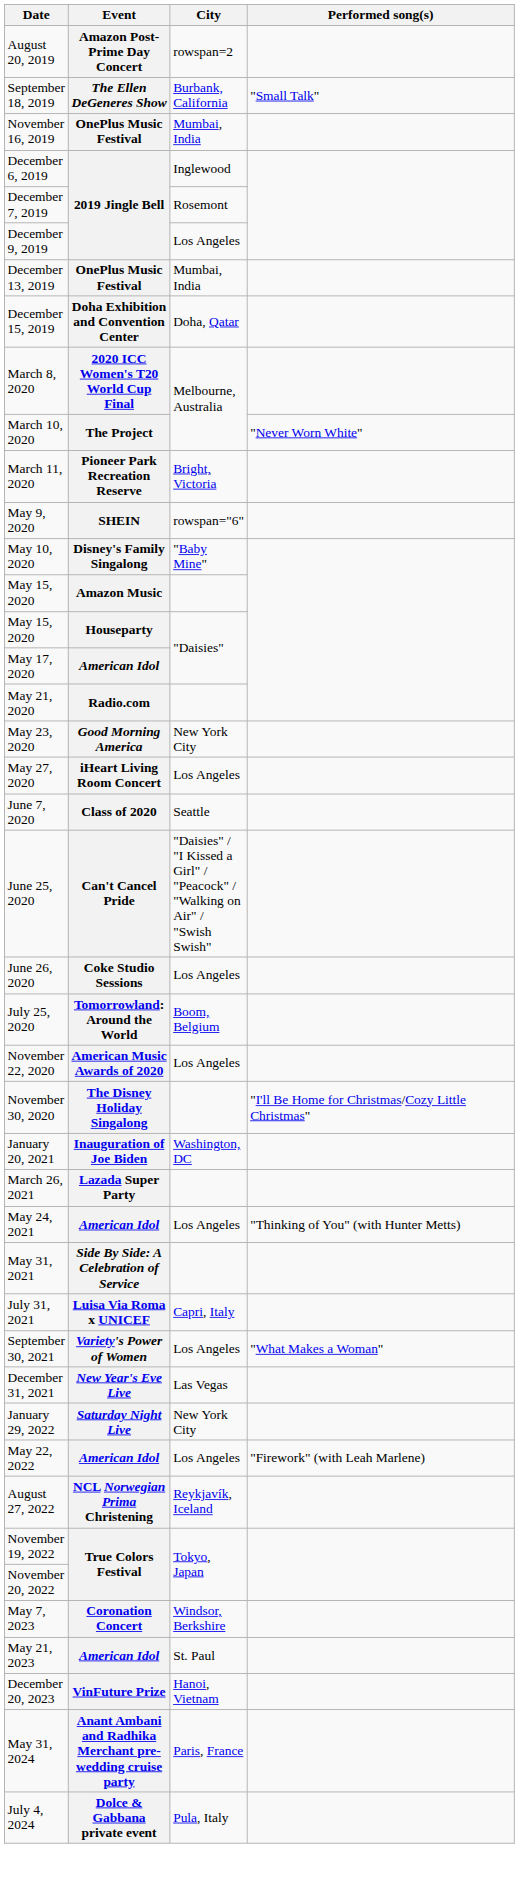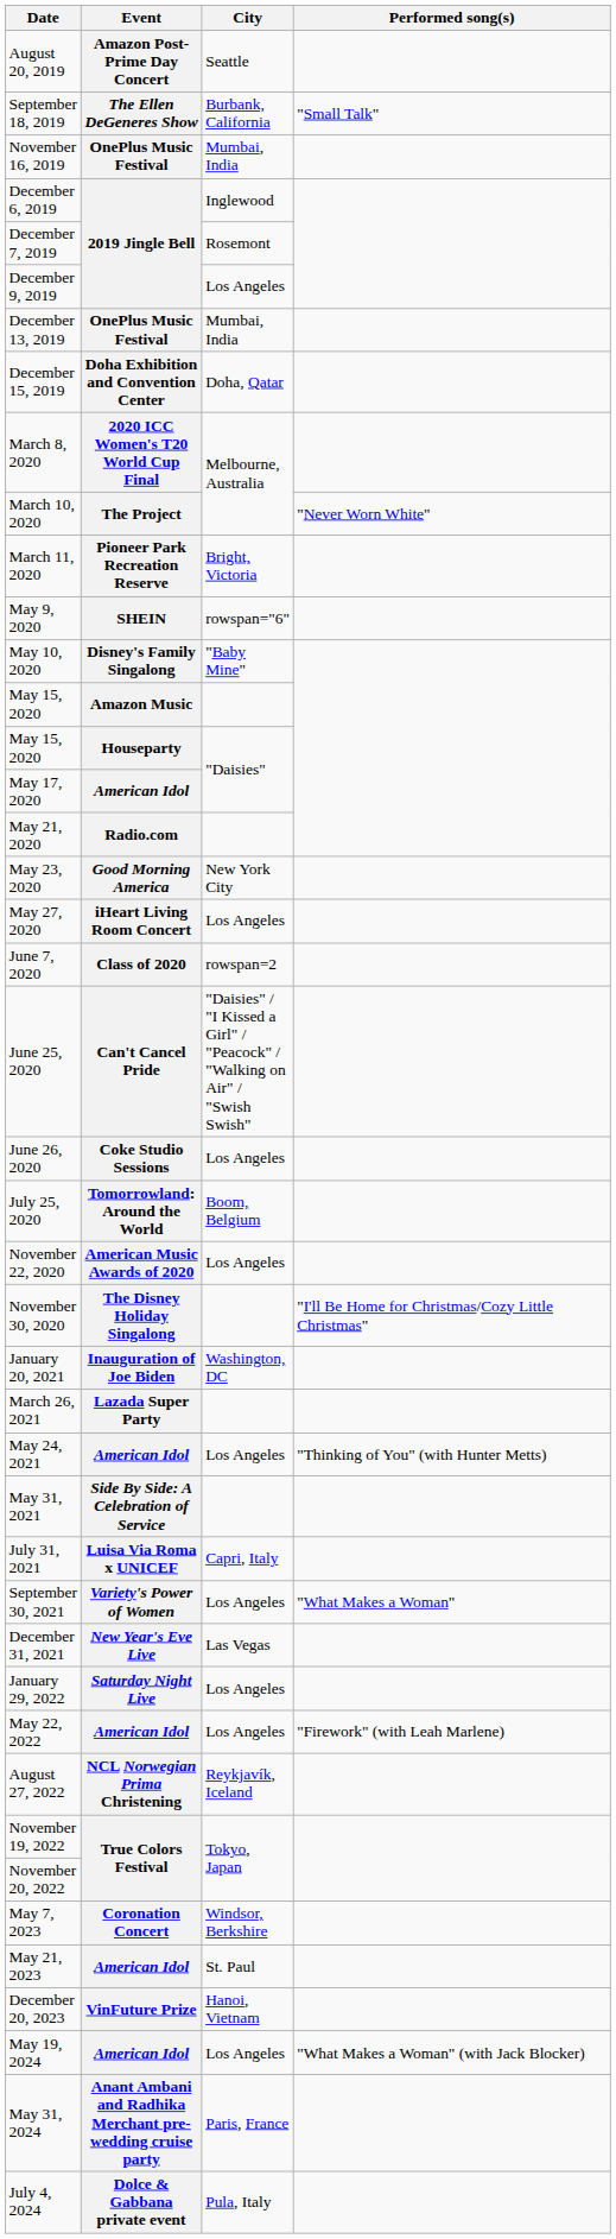 <table class="wikitable sortable plainrowheaders">
 <tr>
 <th style="width:12%;">Date</th>
 <th style="width:20%;">Event</th>
 <th style="width:12%;">City</th>
 <th>Performed song(s)</th>
 </tr>
 <tr>
 <td>August 20, 2019</td>
 <th scope="row">Amazon Post-Prime Day Concert</th>
-<td>rowspan=2 </td>
+<td>Seattle</td>
 <td></td>
 </tr>
 <tr>
 <td>September 18, 2019</td>
 <th scope="row"><em>The Ellen DeGeneres Show</em></th>
 <td><a href='#'>Burbank, California</a></td>
 <td>"<a href='#'>Small Talk</a>"</td>
 </tr>
 <tr>
 <td>November 16, 2019</td>
 <th scope="row">OnePlus Music Festival</th>
 <td><a href='#'>Mumbai</a>, <a href='#'>India</a></td>
 <td></td>
 </tr>
 <tr>
 <td>December 6, 2019</td>
 <th rowspan="3" scope="row">2019 Jingle Bell</th>
 <td>Inglewood</td>
 <td rowspan="3"></td>
 </tr>
 <tr>
 <td>December 7, 2019</td>
 <td>Rosemont</td>
 </tr>
 <tr>
 <td>December 9, 2019</td>
 <td>Los Angeles</td>
 </tr>
 <tr>
 <td>December 13, 2019</td>
 <th scope="row">OnePlus Music Festival</th>
 <td>Mumbai, India</td>
 <td></td>
 </tr>
 <tr>
 <td>December 15, 2019</td>
 <th scope="row">Doha Exhibition and Convention Center</th>
 <td>Doha, <a href='#'>Qatar</a></td>
 <td></td>
 </tr>
 <tr>
 <td>March 8, 2020</td>
 <th scope="row"><a href='#'>2020 ICC Women's T20 World Cup Final</a></th>
 <td rowspan="2">Melbourne, Australia</td>
 <td></td>
 </tr>
 <tr>
 <td>March 10, 2020</td>
 <th scope="row">The Project</th>
 <td>"<a href='#'>Never Worn White</a>"</td>
 </tr>
 <tr>
 <td>March 11, 2020</td>
 <th scope="row">Pioneer Park Recreation Reserve</th>
 <td><a href='#'>Bright, Victoria</a></td>
 <td></td>
 </tr>
 <tr>
 <td>May 9, 2020</td>
 <th scope="row">SHEIN</th>
 <td>rowspan="6" </td>
 <td></td>
 </tr>
 <tr>
 <td>May 10, 2020</td>
 <th scope="row">Disney's Family Singalong</th>
 <td>"<a href='#'>Baby Mine</a>"</td>
 </tr>
 <tr>
 <td>May 15, 2020</td>
 <th scope="row">Amazon Music</th>
 <td></td>
 </tr>
 <tr>
 <td>May 15, 2020</td>
 <th scope="row">Houseparty</th>
 <td rowspan="2">"Daisies"</td>
 </tr>
 <tr>
 <td>May 17, 2020</td>
 <th scope="row"><em>American Idol</em></th>
 </tr>
 <tr>
 <td>May 21, 2020</td>
 <th scope="row">Radio.com</th>
 <td></td>
 </tr>
 <tr>
 <td>May 23, 2020</td>
 <th scope="row"><em>Good Morning America</em></th>
 <td>New York City</td>
 <td></td>
 </tr>
 <tr>
 <td>May 27, 2020</td>
 <th scope="row">iHeart Living Room Concert</th>
 <td>Los Angeles</td>
 <td></td>
 </tr>
 <tr>
 <td>June 7, 2020</td>
 <th scope="row">Class of 2020</th>
-<td>Seattle</td>
+<td>rowspan=2 </td>
 <td></td>
 </tr>
 <tr>
 <td>June 25, 2020</td>
 <th scope="row">Can't Cancel Pride</th>
 <td>"Daisies" / "I Kissed a Girl" / "Peacock" / "Walking on Air" / "Swish Swish"</td>
 </tr>
 <tr>
 <td>June 26, 2020</td>
 <th scope="row">Coke Studio Sessions</th>
 <td>Los Angeles</td>
 <td></td>
 </tr>
 <tr>
 <td>July 25, 2020</td>
 <th scope="row"><a href='#'>Tomorrowland</a>: Around the World</th>
 <td><a href='#'>Boom, Belgium</a></td>
 <td></td>
 </tr>
 <tr>
 <td>November 22, 2020</td>
 <th scope="row"><a href='#'>American Music Awards of 2020</a></th>
 <td>Los Angeles</td>
 <td></td>
 </tr>
 <tr>
 <td>November 30, 2020</td>
 <th scope="row"><a href='#'>The Disney Holiday Singalong</a></th>
 <td></td>
 <td>"<a href='#'>I'll Be Home for Christmas</a>/<a href='#'>Cozy Little Christmas</a>"</td>
 </tr>
 <tr>
 <td>January 20, 2021</td>
 <th scope="row"><a href='#'>Inauguration of Joe Biden</a></th>
 <td><a href='#'>Washington, DC</a></td>
 <td></td>
 </tr>
 <tr>
 <td>March 26, 2021</td>
 <th scope="row"><a href='#'>Lazada</a> Super Party</th>
 <td></td>
 <td></td>
 </tr>
 <tr>
 <td>May 24, 2021</td>
 <th scope="row"><em><a href='#'>American Idol</a></em></th>
 <td>Los Angeles</td>
 <td>"Thinking of You" (with Hunter Metts)</td>
 </tr>
 <tr>
 <td>May 31, 2021</td>
 <th scope="row"><em>Side By Side: A Celebration of Service</em></th>
 <td></td>
 <td></td>
 </tr>
 <tr>
 <td>July 31, 2021</td>
 <th scope="row"><a href='#'>Luisa Via Roma</a> x <a href='#'>UNICEF</a></th>
 <td><a href='#'>Capri</a>, <a href='#'>Italy</a></td>
 <td></td>
 </tr>
 <tr>
 <td>September 30, 2021</td>
 <th scope="row"><em><a href='#'>Variety</a>'s Power of Women</em></th>
 <td>Los Angeles</td>
 <td>"<a href='#'>What Makes a Woman</a>"</td>
 </tr>
 <tr>
 <td>December 31, 2021</td>
 <th scope="row"><em><a href='#'>New Year's Eve Live</a></em></th>
 <td>Las Vegas</td>
 <td></td>
 </tr>
 <tr>
 <td>January 29, 2022</td>
 <th scope="row"><em><a href='#'>Saturday Night Live</a></em></th>
-<td>New York City</td>
+<td>Los Angeles</td>
 <td></td>
 </tr>
 <tr>
 <td>May 22, 2022</td>
 <th scope="row"><em><a href='#'>American Idol</a></em></th>
 <td>Los Angeles</td>
 <td>"Firework" (with Leah Marlene)</td>
 </tr>
 <tr>
 <td>August 27, 2022</td>
 <th scope="row"><a href='#'>NCL</a> <em><a href='#'>Norwegian Prima</a></em> Christening</th>
 <td><a href='#'>Reykjavík</a>, <a href='#'>Iceland</a></td>
 <td></td>
 </tr>
 <tr>
 <td>November 19, 2022</td>
 <th scope="row" rowspan=2>True Colors Festival</th>
 <td rowspan=2><a href='#'>Tokyo</a>, <a href='#'>Japan</a></td>
 <td rowspan=2></td>
 </tr>
 <tr>
 <td>November 20, 2022</td>
 </tr>
 <tr>
 <td>May 7, 2023</td>
 <th scope="row"><a href='#'>Coronation Concert</a></th>
 <td><a href='#'>Windsor, Berkshire</a></td>
 <td></td>
 </tr>
 <tr>
 <td>May 21, 2023</td>
 <th scope="row"><em><a href='#'>American Idol</a></em></th>
 <td>St. Paul</td>
 <td></td>
 </tr>
 <tr>
 <td>December 20, 2023</td>
 <th scope="row"><a href='#'>VinFuture Prize</a></th>
 <td><a href='#'>Hanoi</a>, <a href='#'>Vietnam</a></td>
 <td></td>
 </tr>
 <tr>
+<td>May 19, 2024</td>
+<th scope="row"><em><a href='#'>American Idol</a></em></th>
+<td>Los Angeles</td>
+<td>"What Makes a Woman" (with Jack Blocker)</td>
+</tr>
+<tr>
 <td>May 31, 2024</td>
 <th scope="row"><a href='#'>Anant Ambani and Radhika Merchant pre-wedding cruise party</a></th>
 <td><a href='#'>Paris</a>, <a href='#'>France</a></td>
 <td></td>
 </tr>
 <tr>
 <td>July 4, 2024</td>
 <th scope="row"><a href='#'>Dolce & Gabbana</a> private event</th>
 <td><a href='#'>Pula</a>, Italy</td>
 <td></td>
 </tr>
 </table>
